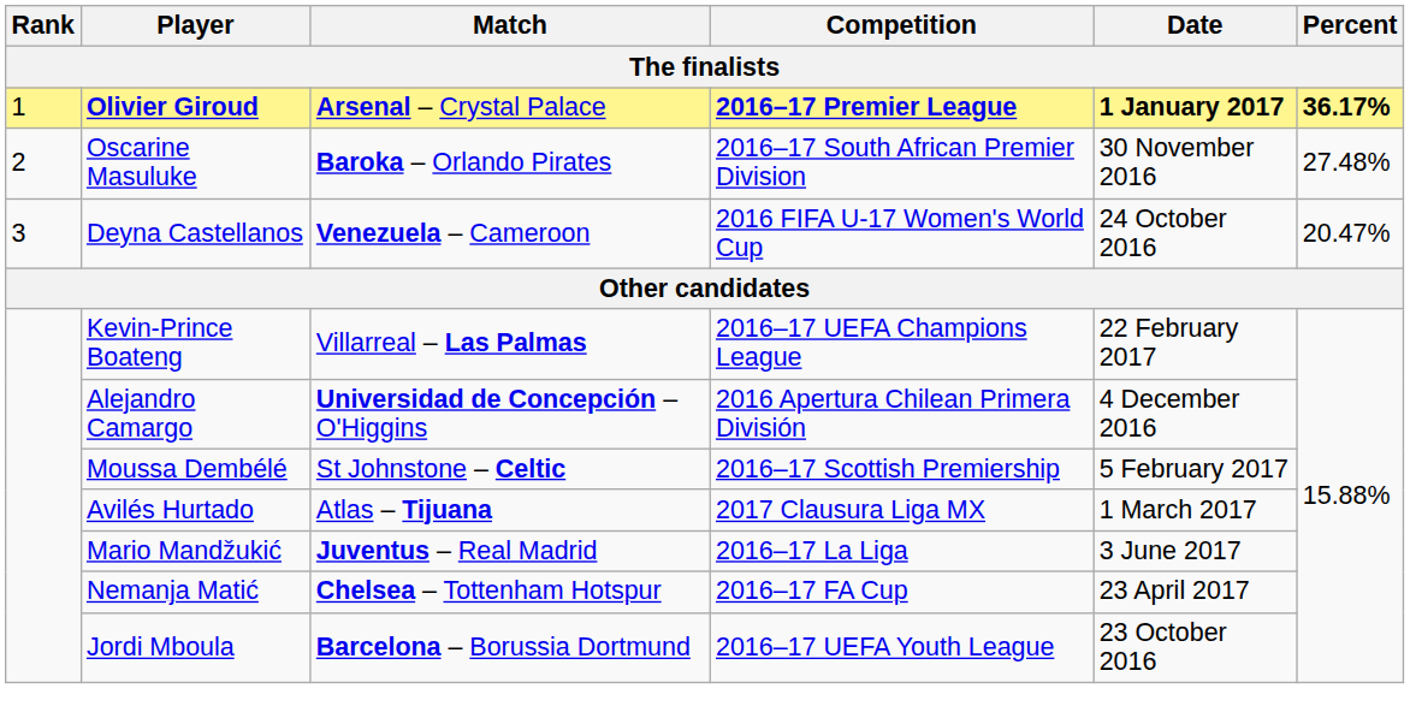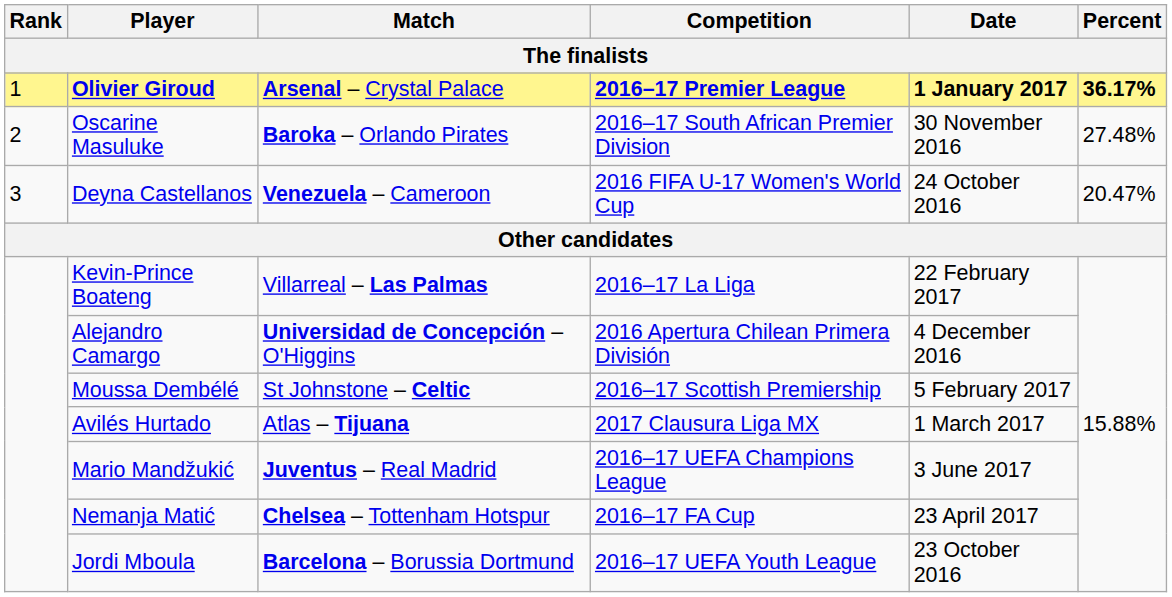 <table class="wikitable">
 <tr>
 <th>Rank</th>
 <th>Player</th>
 <th>Match</th>
 <th>Competition</th>
 <th>Date</th>
 <th>Percent</th>
 </tr>
 <tr>
 <th colspan="7">The finalists</th>
 </tr>
 <tr style="background-color: #FFF68F;">
 <td>1</td>
 <td> <strong><a href='#'>Olivier Giroud</a></strong></td>
 <td><strong><a href='#'>Arsenal</a></strong> – <a href='#'>Crystal Palace</a></td>
 <td><strong><a href='#'>2016–17 Premier League</a></strong></td>
 <td><strong>1 January 2017</strong></td>
 <td><strong>36.17%</strong></td>
 </tr>
 <tr>
 <td>2</td>
 <td> <a href='#'>Oscarine Masuluke</a></td>
 <td><strong><a href='#'>Baroka</a></strong> – <a href='#'>Orlando Pirates</a></td>
 <td><a href='#'>2016–17 South African Premier Division</a></td>
 <td>30 November 2016</td>
 <td>27.48%</td>
 </tr>
 <tr>
 <td>3</td>
 <td> <a href='#'>Deyna Castellanos</a></td>
 <td><strong><a href='#'>Venezuela</a></strong> – <a href='#'>Cameroon</a></td>
 <td><a href='#'>2016 FIFA U-17 Women's World Cup</a></td>
 <td>24 October 2016</td>
 <td>20.47%</td>
 </tr>
 <tr>
 <th colspan="7">Other candidates</th>
 </tr>
 <tr>
 <td rowspan="7"></td>
 <td> <a href='#'>Kevin-Prince Boateng</a></td>
 <td><a href='#'>Villarreal</a> – <strong><a href='#'>Las Palmas</a></strong></td>
-<td><a href='#'>2016–17 UEFA Champions League</a></td>
+<td><a href='#'>2016–17 La Liga</a></td>
 <td>22 February 2017</td>
 <td rowspan="7">15.88%</td>
 </tr>
 <tr>
 <td> <a href='#'>Alejandro Camargo</a></td>
 <td><strong><a href='#'>Universidad de Concepción</a></strong> – <a href='#'>O'Higgins</a></td>
 <td><a href='#'>2016 Apertura Chilean Primera División</a></td>
 <td>4 December 2016</td>
 </tr>
 <tr>
 <td> <a href='#'>Moussa Dembélé</a></td>
 <td><a href='#'>St Johnstone</a> – <strong><a href='#'>Celtic</a></strong></td>
 <td><a href='#'>2016–17 Scottish Premiership</a></td>
 <td>5 February 2017</td>
 </tr>
 <tr>
 <td> <a href='#'>Avilés Hurtado</a></td>
 <td><a href='#'>Atlas</a> – <strong><a href='#'>Tijuana</a></strong></td>
 <td><a href='#'>2017 Clausura Liga MX</a></td>
 <td>1 March 2017</td>
 </tr>
 <tr>
 <td> <a href='#'>Mario Mandžukić</a></td>
 <td><strong><a href='#'>Juventus</a></strong> – <a href='#'>Real Madrid</a></td>
-<td><a href='#'>2016–17 La Liga</a></td>
+<td><a href='#'>2016–17 UEFA Champions League</a></td>
 <td>3 June 2017</td>
 </tr>
 <tr>
 <td> <a href='#'>Nemanja Matić</a></td>
 <td><strong><a href='#'>Chelsea</a></strong> – <a href='#'>Tottenham Hotspur</a></td>
 <td><a href='#'>2016–17 FA Cup</a></td>
 <td>23 April 2017</td>
 </tr>
 <tr>
 <td> <a href='#'>Jordi Mboula</a></td>
 <td><strong><a href='#'>Barcelona</a></strong> – <a href='#'>Borussia Dortmund</a></td>
 <td><a href='#'>2016–17 UEFA Youth League</a></td>
 <td>23 October 2016</td>
 </tr>
 </table>
